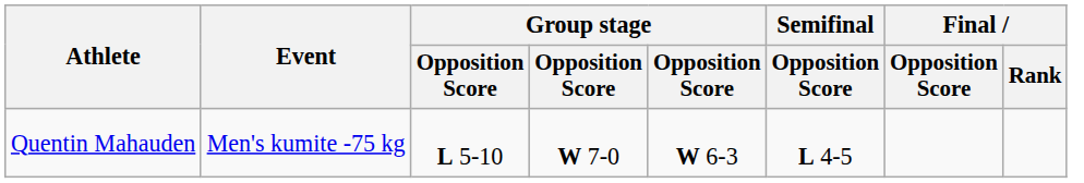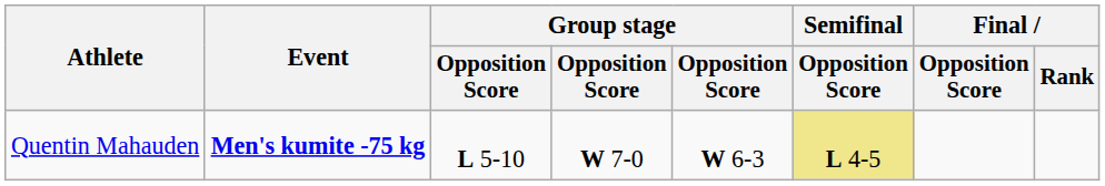 <table class="wikitable" style="font-size:90%; text-align:center">
 <tr>
 <th rowspan="2">Athlete</th>
 <th rowspan="2">Event</th>
 <th colspan="3">Group stage</th>
 <th>Semifinal</th>
 <th colspan="2">Final / </th>
 </tr>
 <tr style="font-size:95%">
 <th>Opposition<br>Score</th>
 <th>Opposition<br>Score</th>
 <th>Opposition<br>Score</th>
 <th>Opposition<br>Score</th>
 <th>Opposition<br>Score</th>
 <th>Rank</th>
 </tr>
 <tr>
 <td align="left"><a href='#'>Quentin Mahauden</a></td>
-<td align="left"><a href='#'>Men's kumite -75 kg</a></td>
+<td align="left"><strong><a href='#'>Men's kumite -75 kg</a></strong></td>
 <td><br><strong>L</strong> 5-10</td>
 <td><br><strong>W</strong> 7-0</td>
 <td><br><strong>W</strong> 6-3</td>
-<td><br><strong>L</strong> 4-5</td>
+<td style="background: khaki;"><br><strong>L</strong> 4-5</td>
 <td></td>
 <td></td>
 </tr>
 </table>
